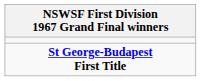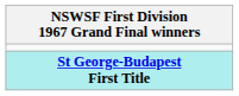 <table class="wikitable" style="text-align: center; margin: 0 auto; width: 20%">
 <tr>
 <th>NSWSF First Division<br>1967 Grand Final winners</th>
 </tr>
 <tr>
 <td></td>
 </tr>
 <tr>
-<td><strong><a href='#'>St George-Budapest</a></strong><br><strong>First Title</strong></td>
+<td style="background: paleturquoise;"><strong><a href='#'>St George-Budapest</a></strong><br><strong>First Title</strong></td>
 </tr>
 </table>
